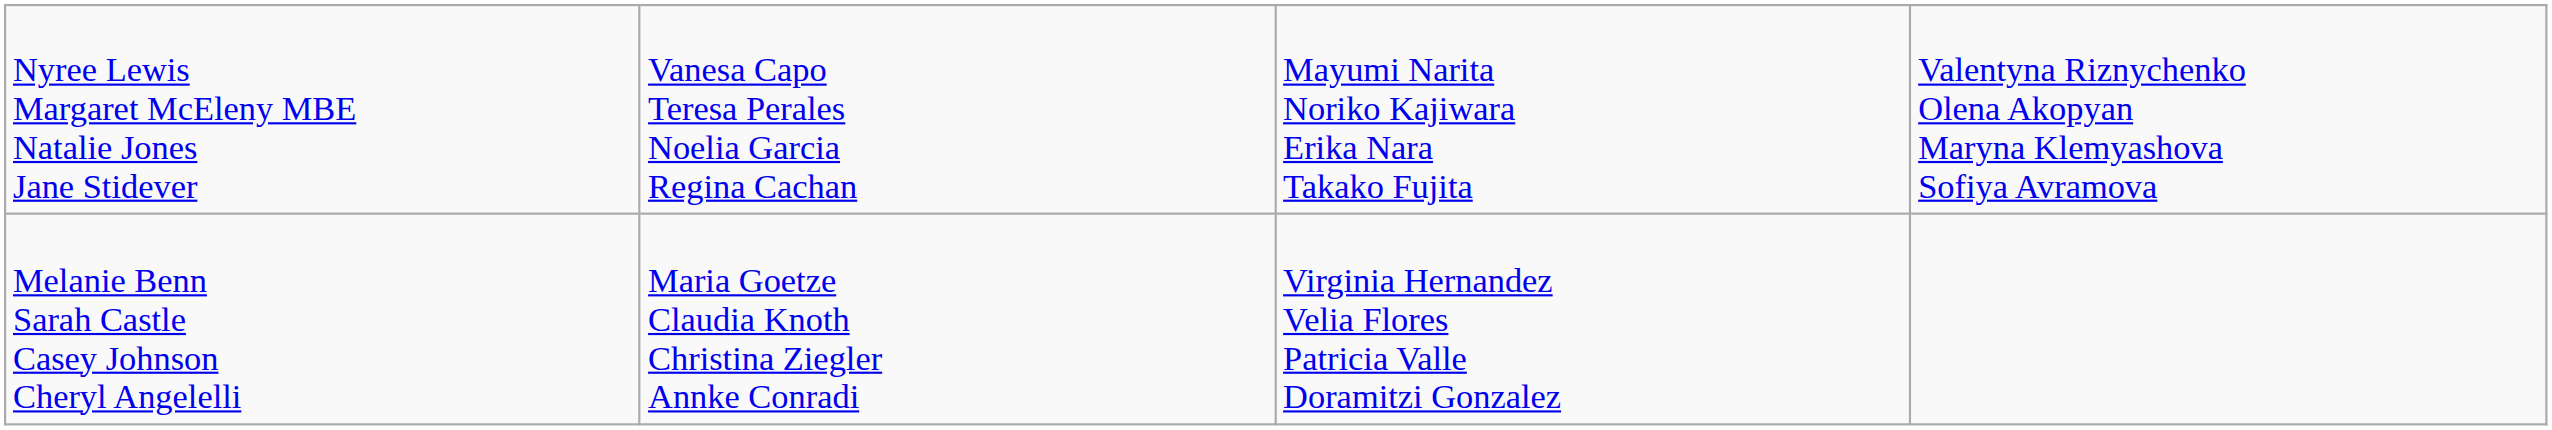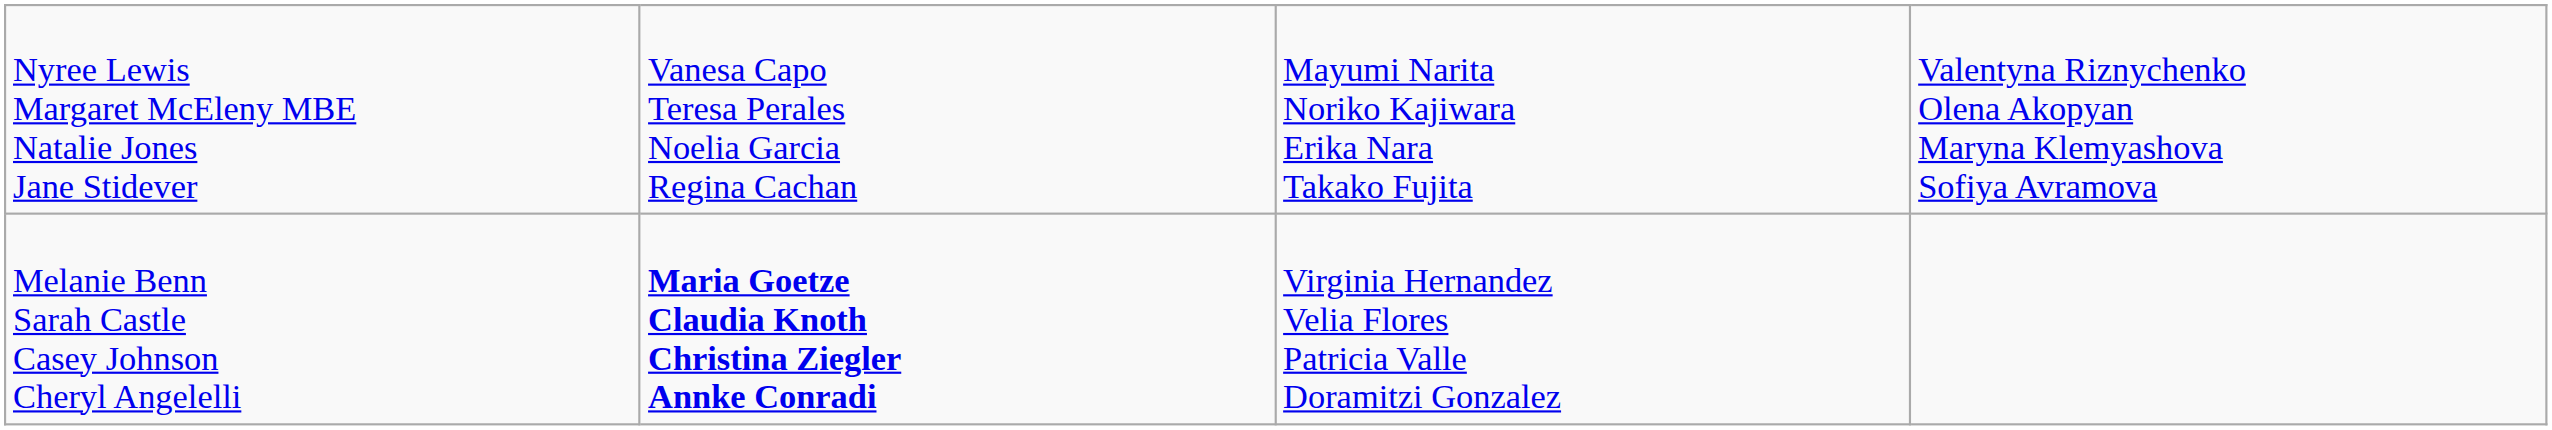 <table class="wikitable">
 <tr>
 <td style="vertical-align:top; width:18em"><br><a href='#'>Nyree Lewis</a><br><a href='#'>Margaret McEleny MBE</a><br><a href='#'>Natalie Jones</a><br><a href='#'>Jane Stidever</a></td>
 <td style="vertical-align:top; width:18em"><br><a href='#'>Vanesa Capo</a><br><a href='#'>Teresa Perales</a><br><a href='#'>Noelia Garcia</a><br><a href='#'>Regina Cachan</a></td>
 <td style="vertical-align:top; width:18em"><br><a href='#'>Mayumi Narita</a><br><a href='#'>Noriko Kajiwara</a><br><a href='#'>Erika Nara</a><br><a href='#'>Takako Fujita</a></td>
 <td style="vertical-align:top; width:18em"><br><a href='#'>Valentyna Riznychenko</a><br><a href='#'>Olena Akopyan</a><br><a href='#'>Maryna Klemyashova</a><br><a href='#'>Sofiya Avramova</a></td>
 </tr>
 <tr>
 <td style="vertical-align:top; width:18em"><br><a href='#'>Melanie Benn</a><br><a href='#'>Sarah Castle</a><br><a href='#'>Casey Johnson</a><br><a href='#'>Cheryl Angelelli</a></td>
-<td style="vertical-align:top; width:18em"><br><a href='#'>Maria Goetze</a><br><a href='#'>Claudia Knoth</a><br><a href='#'>Christina Ziegler</a><br><a href='#'>Annke Conradi</a></td>
+<td style="vertical-align:top; width:18em"><strong><br><a href='#'>Maria Goetze</a><br><a href='#'>Claudia Knoth</a><br><a href='#'>Christina Ziegler</a><br><a href='#'>Annke Conradi</a></strong></td>
 <td style="vertical-align:top; width:18em"><br><a href='#'>Virginia Hernandez</a><br><a href='#'>Velia Flores</a><br><a href='#'>Patricia Valle</a><br><a href='#'>Doramitzi Gonzalez</a></td>
 </tr>
 </table>
